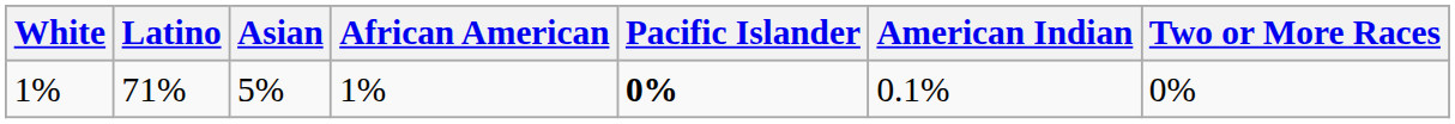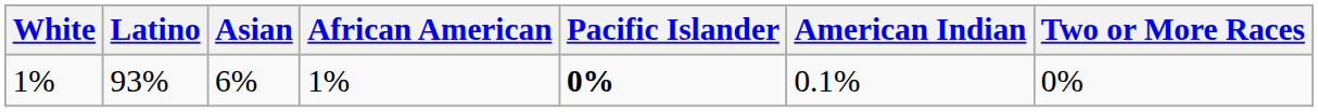 <table class="wikitable">
 <tr>
 <th><a href='#'>White</a></th>
 <th><a href='#'>Latino</a></th>
 <th><a href='#'>Asian</a></th>
 <th><a href='#'>African American</a></th>
 <th><a href='#'>Pacific Islander</a></th>
 <th><a href='#'>American Indian</a></th>
 <th><a href='#'>Two or More Races</a></th>
 </tr>
 <tr>
 <td>1%</td>
-<td>71%</td>
-<td>5%</td>
+<td>93%</td>
+<td>6%</td>
 <td>1%</td>
 <td><strong>0%</strong></td>
 <td>0.1%</td>
 <td>0%</td>
 </tr>
 </table>
